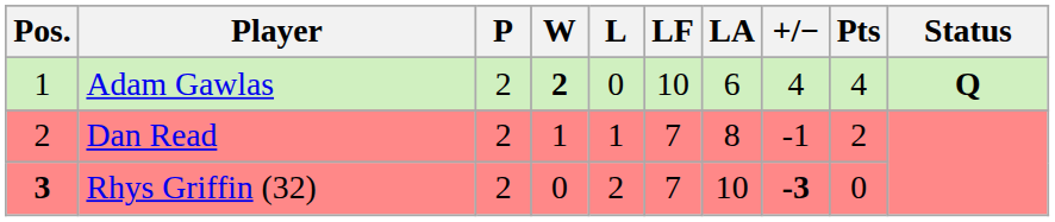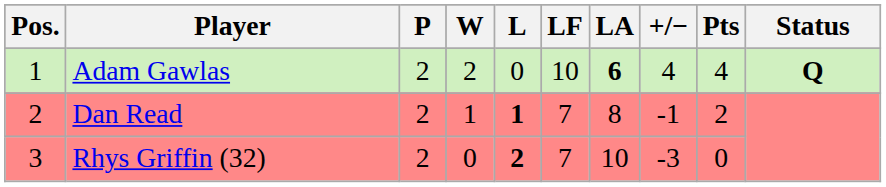 <table class="wikitable" style="text-align:center; margin: 1em auto 1em auto, align:left">
 <tr>
 <th width=20>Pos.</th>
 <th width=185>Player</th>
 <th width=20>P</th>
 <th width=20>W</th>
 <th width=20>L</th>
 <th width=20>LF</th>
 <th width=20>LA</th>
 <th width=25>+/−</th>
 <th width=20>Pts</th>
 <th width=70>Status</th>
 </tr>
 <tr style="background:#D0F0C0;">
 <td>1</td>
 <td align=left> <a href='#'>Adam Gawlas</a></td>
 <td>2</td>
-<td><strong>2</strong></td>
+<td>2</td>
 <td>0</td>
 <td>10</td>
-<td>6</td>
+<td><strong>6</strong></td>
 <td>4</td>
 <td>4</td>
 <td rowspan=1><strong>Q</strong></td>
 </tr>
 <tr style="background:#FF8888;">
 <td>2</td>
 <td align=left> <a href='#'>Dan Read</a></td>
 <td>2</td>
 <td>1</td>
-<td>1</td>
+<td><strong>1</strong></td>
 <td>7</td>
 <td>8</td>
 <td>-1</td>
 <td>2</td>
 <td rowspan=2></td>
 </tr>
 <tr style="background:#FF8888;">
-<td><strong>3</strong></td>
+<td>3</td>
 <td align=left> <a href='#'>Rhys Griffin</a> (32)</td>
 <td>2</td>
 <td>0</td>
-<td>2</td>
+<td><strong>2</strong></td>
 <td>7</td>
 <td>10</td>
-<td><strong>-3</strong></td>
+<td>-3</td>
 <td>0</td>
 </tr>
 </table>
